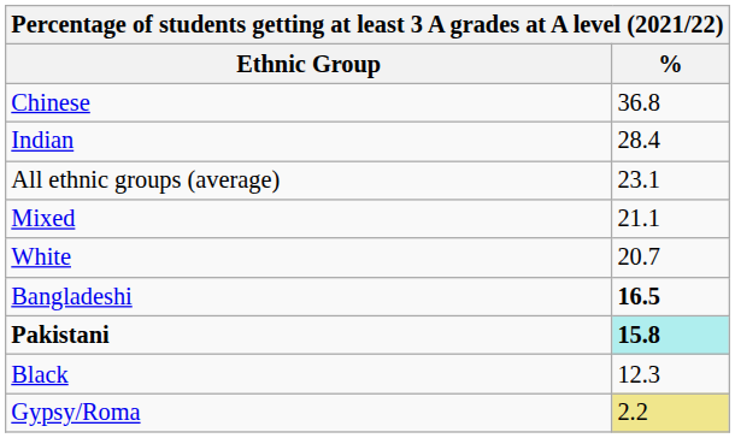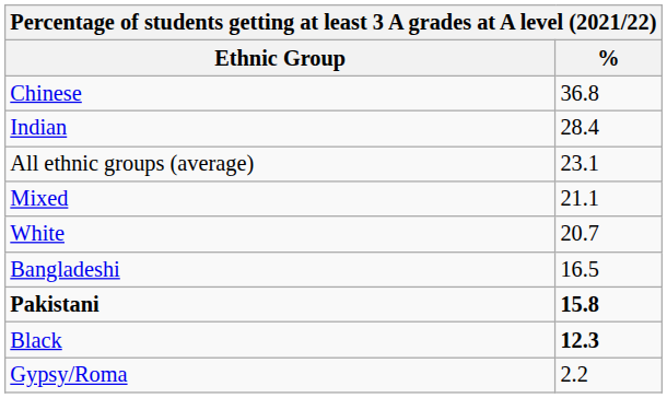 <table class="wikitable sortable">
 <tr>
 <th colspan="3">Percentage of students getting at least 3 A grades at A level (2021/22)</th>
 </tr>
 <tr>
 <th>Ethnic Group</th>
 <th>%</th>
 </tr>
 <tr>
 <td><a href='#'>Chinese</a></td>
 <td>36.8</td>
 </tr>
 <tr>
 <td><a href='#'>Indian</a></td>
 <td>28.4</td>
 </tr>
 <tr>
 <td>All ethnic groups (average)</td>
 <td>23.1</td>
 </tr>
 <tr>
 <td><a href='#'>Mixed</a></td>
 <td>21.1</td>
 </tr>
 <tr>
 <td><a href='#'>White</a></td>
 <td>20.7</td>
 </tr>
 <tr>
 <td><a href='#'>Bangladeshi</a></td>
-<td><strong>16.5</strong></td>
+<td>16.5</td>
 </tr>
 <tr>
 <td><strong>Pakistani</strong></td>
-<td style="background: paleturquoise;"><strong>15.8</strong></td>
+<td><strong>15.8</strong></td>
 </tr>
 <tr>
 <td><a href='#'>Black</a></td>
-<td>12.3</td>
+<td><strong>12.3</strong></td>
 </tr>
 <tr>
 <td><a href='#'>Gypsy/Roma</a></td>
-<td style="background: khaki;">2.2</td>
+<td>2.2</td>
 </tr>
 </table>
